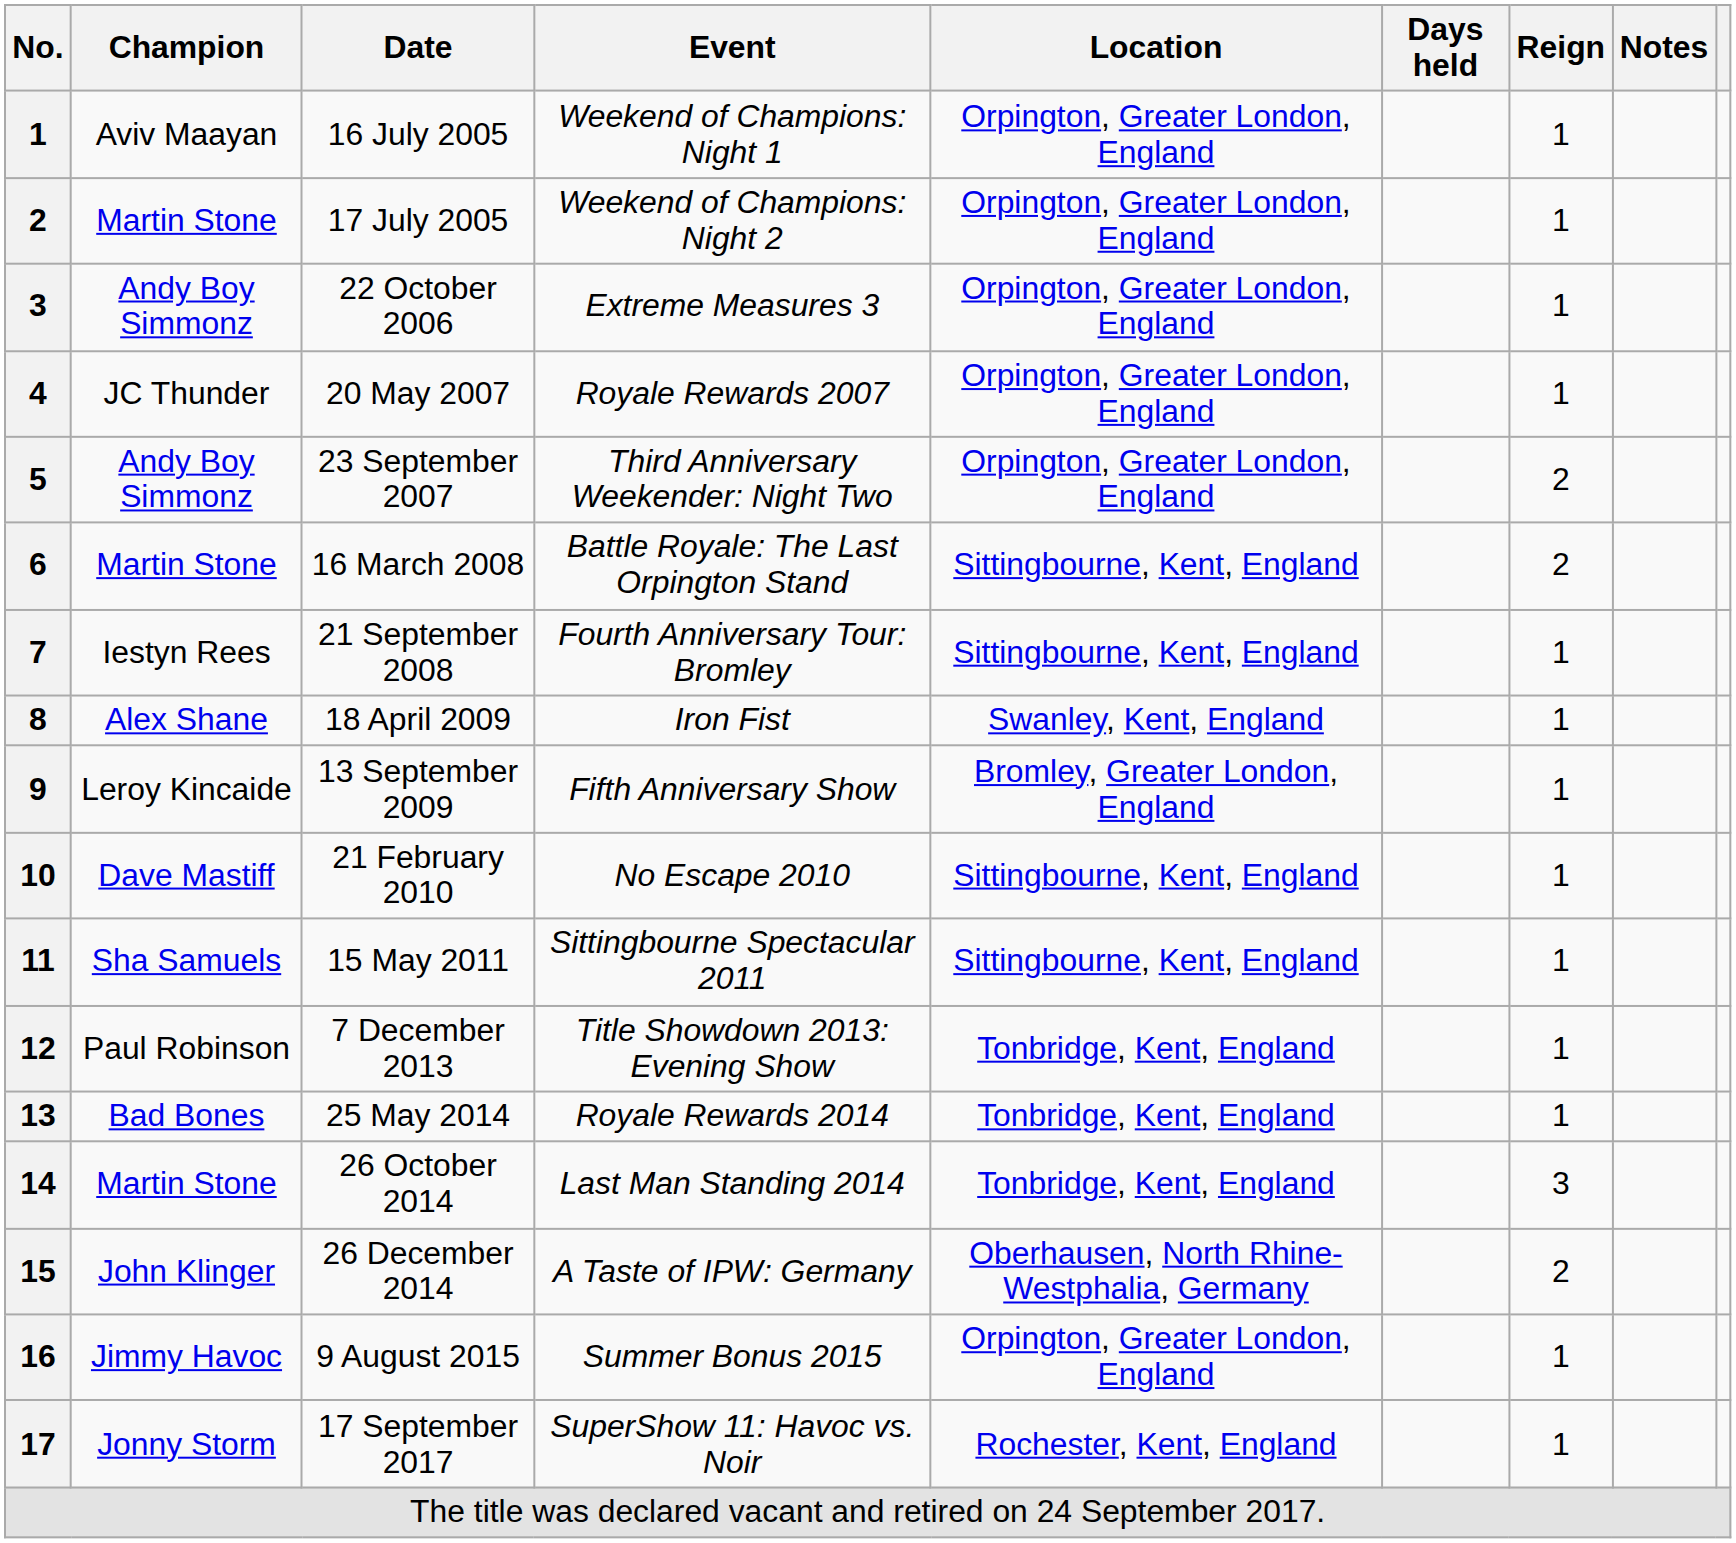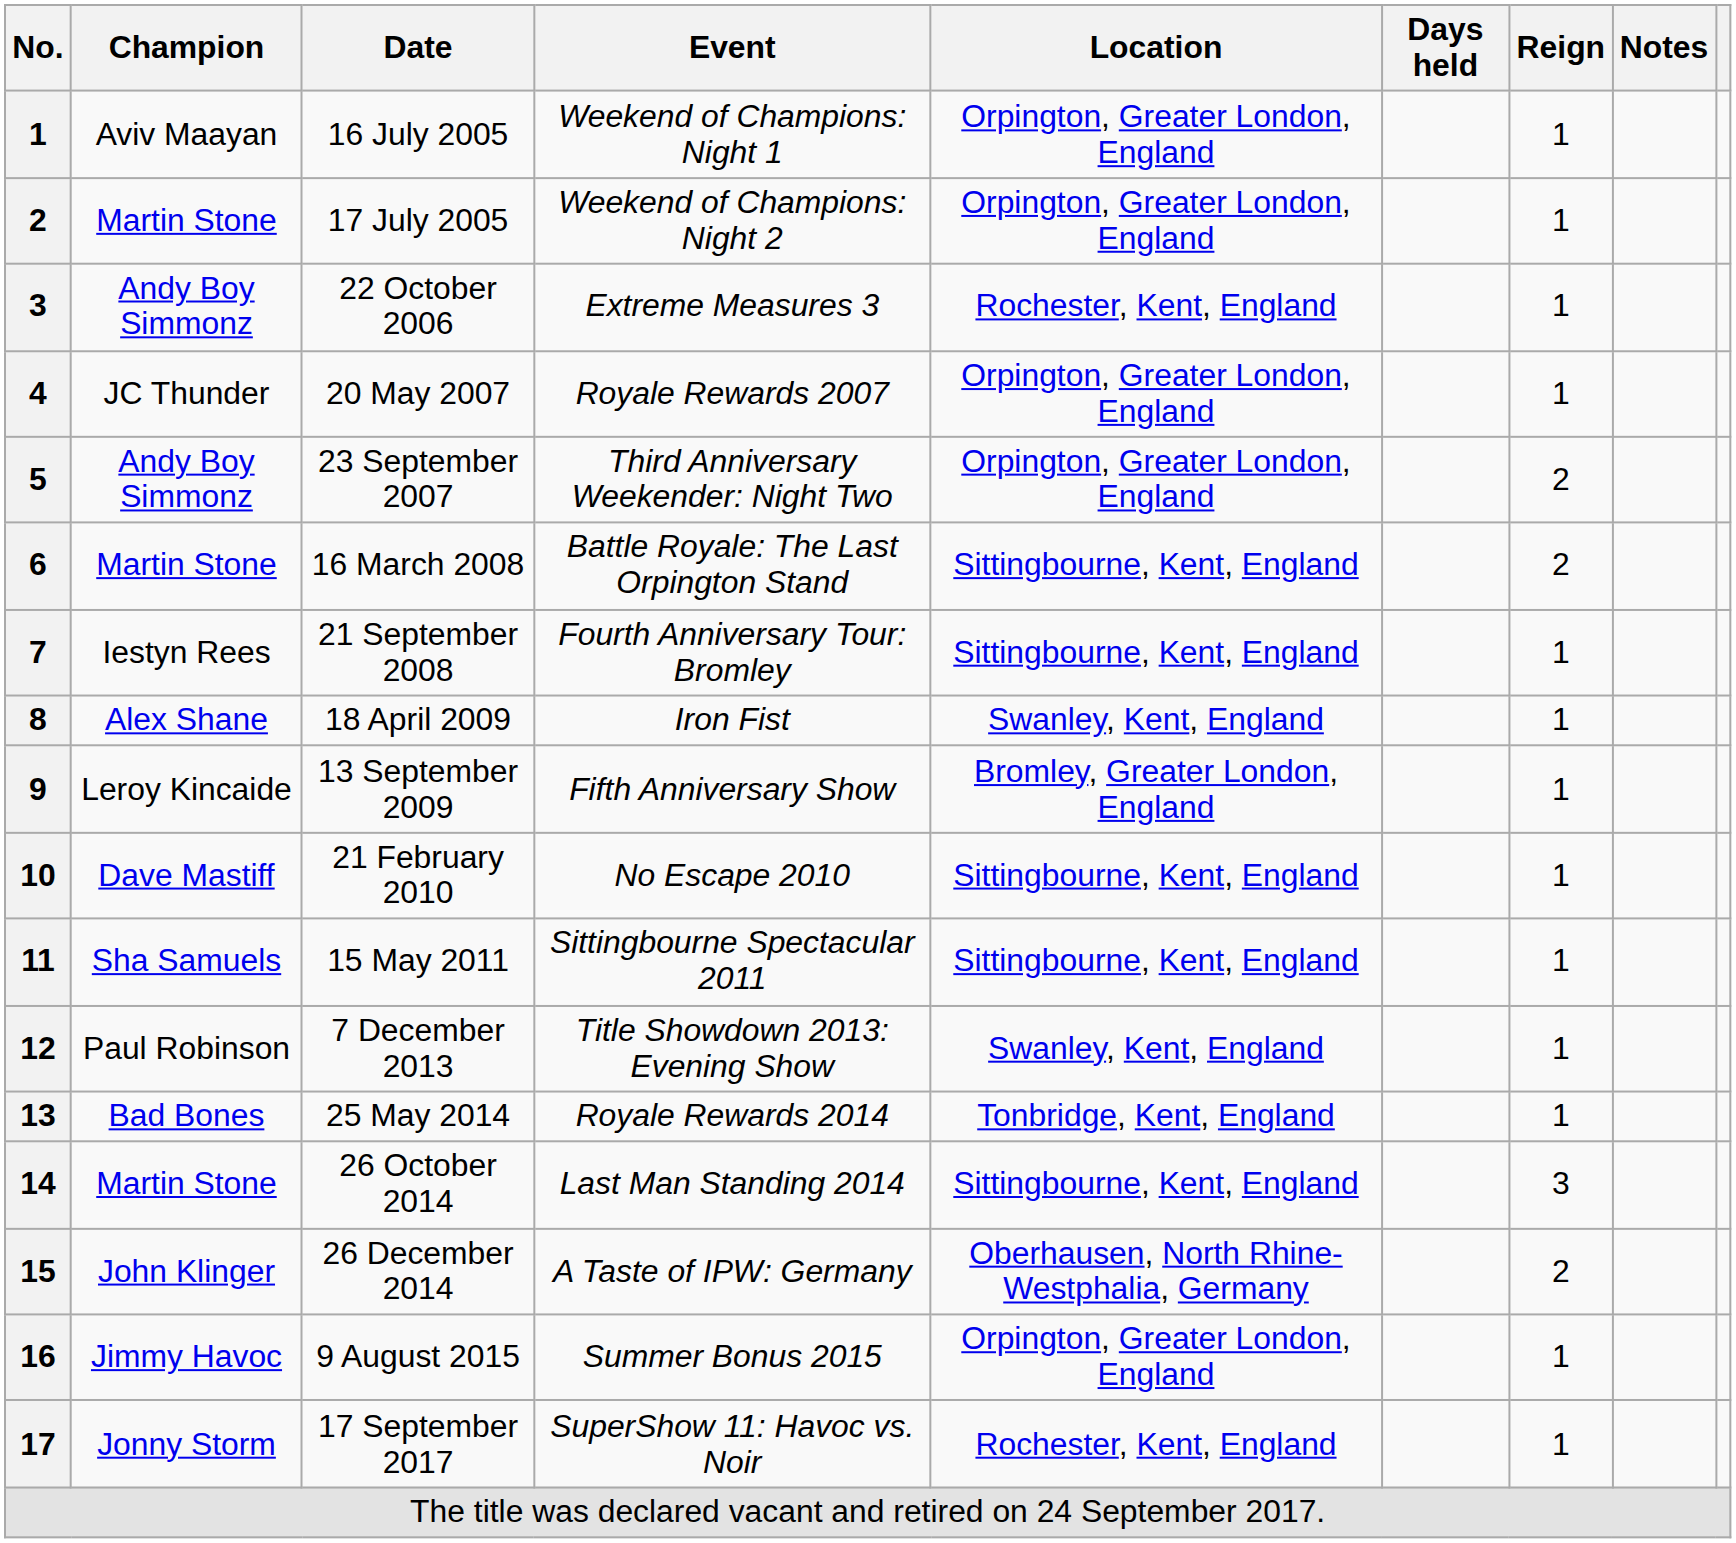 <table class="wikitable sortable" style="text-align: center">
 <tr>
 <th>No.</th>
 <th>Champion</th>
 <th>Date</th>
 <th>Event</th>
 <th>Location</th>
 <th>Days held</th>
 <th>Reign</th>
 <th>Notes</th>
 <th></th>
 </tr>
 <tr>
 <th>1</th>
 <td>Aviv Maayan</td>
 <td>16 July 2005</td>
 <td><em>Weekend of Champions: Night 1</em></td>
 <td><a href='#'>Orpington</a>, <a href='#'>Greater London</a>, <a href='#'>England</a></td>
 <td></td>
 <td>1</td>
 <td align="left"></td>
 <td></td>
 </tr>
 <tr>
 <th>2</th>
 <td><a href='#'>Martin Stone</a></td>
 <td>17 July 2005</td>
 <td><em>Weekend of Champions: Night 2</em></td>
 <td><a href='#'>Orpington</a>, <a href='#'>Greater London</a>, <a href='#'>England</a></td>
 <td></td>
 <td>1</td>
 <td></td>
 <td></td>
 </tr>
 <tr>
 <th>3</th>
 <td><a href='#'>Andy Boy Simmonz</a></td>
 <td>22 October 2006</td>
 <td><em>Extreme Measures 3</em></td>
-<td><a href='#'>Orpington</a>, <a href='#'>Greater London</a>, <a href='#'>England</a></td>
+<td><a href='#'>Rochester</a>, <a href='#'>Kent</a>, <a href='#'>England</a></td>
 <td></td>
 <td>1</td>
 <td align="left"></td>
 <td></td>
 </tr>
 <tr>
 <th>4</th>
 <td>JC Thunder</td>
 <td>20 May 2007</td>
 <td><em>Royale Rewards 2007</em></td>
 <td><a href='#'>Orpington</a>, <a href='#'>Greater London</a>, <a href='#'>England</a></td>
 <td></td>
 <td>1</td>
 <td></td>
 <td></td>
 </tr>
 <tr>
 <th>5</th>
 <td><a href='#'>Andy Boy Simmonz</a></td>
 <td>23 September 2007</td>
 <td><em>Third Anniversary Weekender: Night Two</em></td>
 <td><a href='#'>Orpington</a>, <a href='#'>Greater London</a>, <a href='#'>England</a></td>
 <td></td>
 <td>2</td>
 <td align="left"></td>
 <td></td>
 </tr>
 <tr>
 <th>6</th>
 <td><a href='#'>Martin Stone</a></td>
 <td>16 March 2008</td>
 <td><em>Battle Royale: The Last Orpington Stand</em></td>
 <td><a href='#'>Sittingbourne</a>, <a href='#'>Kent</a>, <a href='#'>England</a></td>
 <td></td>
 <td>2</td>
 <td align="left"></td>
 <td></td>
 </tr>
 <tr>
 <th>7</th>
 <td>Iestyn Rees</td>
 <td>21 September 2008</td>
 <td><em>Fourth Anniversary Tour: Bromley</em></td>
 <td><a href='#'>Sittingbourne</a>, <a href='#'>Kent</a>, <a href='#'>England</a></td>
 <td></td>
 <td>1</td>
 <td></td>
 <td></td>
 </tr>
 <tr>
 <th>8</th>
 <td><a href='#'>Alex Shane</a></td>
 <td>18 April 2009</td>
 <td><em>Iron Fist</em></td>
 <td><a href='#'>Swanley</a>, <a href='#'>Kent</a>, <a href='#'>England</a></td>
 <td></td>
 <td>1</td>
 <td align="left"></td>
 <td></td>
 </tr>
 <tr>
 <th>9</th>
 <td>Leroy Kincaide</td>
 <td>13 September 2009</td>
 <td><em>Fifth Anniversary Show</em></td>
 <td><a href='#'>Bromley</a>, <a href='#'>Greater London</a>, <a href='#'>England</a></td>
 <td></td>
 <td>1</td>
 <td align="left"></td>
 <td></td>
 </tr>
 <tr>
 <th>10</th>
 <td><a href='#'>Dave Mastiff</a></td>
 <td>21 February 2010</td>
 <td><em>No Escape 2010</em></td>
 <td><a href='#'>Sittingbourne</a>, <a href='#'>Kent</a>, <a href='#'>England</a></td>
 <td></td>
 <td>1</td>
 <td></td>
 <td></td>
 </tr>
 <tr>
 <th>11</th>
 <td><a href='#'>Sha Samuels</a></td>
 <td>15 May 2011</td>
 <td><em>Sittingbourne Spectacular 2011</em></td>
 <td><a href='#'>Sittingbourne</a>, <a href='#'>Kent</a>, <a href='#'>England</a></td>
 <td></td>
 <td>1</td>
 <td align="left"></td>
 <td></td>
 </tr>
 <tr>
 <th>12</th>
 <td>Paul Robinson</td>
 <td>7 December 2013</td>
 <td><em>Title Showdown 2013: Evening Show</em></td>
-<td><a href='#'>Tonbridge</a>, <a href='#'>Kent</a>, <a href='#'>England</a></td>
+<td><a href='#'>Swanley</a>, <a href='#'>Kent</a>, <a href='#'>England</a></td>
 <td></td>
 <td>1</td>
 <td></td>
 <td></td>
 </tr>
 <tr>
 <th>13</th>
 <td><a href='#'>Bad Bones</a></td>
 <td>25 May 2014</td>
 <td><em>Royale Rewards 2014</em></td>
 <td><a href='#'>Tonbridge</a>, <a href='#'>Kent</a>, <a href='#'>England</a></td>
 <td></td>
 <td>1</td>
 <td></td>
 <td></td>
 </tr>
 <tr>
 <th>14</th>
 <td><a href='#'>Martin Stone</a></td>
 <td>26 October 2014</td>
 <td><em>Last Man Standing 2014</em></td>
-<td><a href='#'>Tonbridge</a>, <a href='#'>Kent</a>, <a href='#'>England</a></td>
+<td><a href='#'>Sittingbourne</a>, <a href='#'>Kent</a>, <a href='#'>England</a></td>
 <td></td>
 <td>3</td>
 <td></td>
 <td></td>
 </tr>
 <tr>
 <th>15</th>
 <td><a href='#'>John Klinger</a></td>
 <td>26 December 2014</td>
 <td><em>A Taste of IPW: Germany</em></td>
 <td><a href='#'>Oberhausen</a>, <a href='#'>North Rhine-Westphalia</a>, <a href='#'>Germany</a></td>
 <td></td>
 <td>2</td>
 <td></td>
 <td></td>
 </tr>
 <tr>
 <th>16</th>
 <td><a href='#'>Jimmy Havoc</a></td>
 <td>9 August 2015</td>
 <td><em>Summer Bonus 2015</em></td>
 <td><a href='#'>Orpington</a>, <a href='#'>Greater London</a>, <a href='#'>England</a></td>
 <td></td>
 <td>1</td>
 <td align="left"></td>
 <td></td>
 </tr>
 <tr>
 <th>17</th>
 <td><a href='#'>Jonny Storm</a></td>
 <td>17 September 2017</td>
 <td><em>SuperShow 11: Havoc vs. Noir</em></td>
 <td><a href='#'>Rochester</a>, <a href='#'>Kent</a>, <a href='#'>England</a></td>
 <td></td>
 <td>1</td>
 <td align="left"></td>
 <td></td>
 </tr>
 <tr style="background:#e3e3e3;">
 <td colspan=9>The title was declared vacant and retired on 24 September 2017.</td>
 </tr>
 </table>
